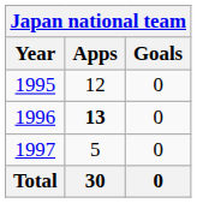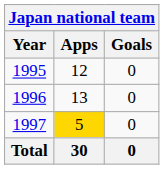 <table class="wikitable" style="text-align:center">
 <tr>
 <th colspan=3><a href='#'>Japan national team</a></th>
 </tr>
 <tr>
 <th>Year</th>
 <th>Apps</th>
 <th>Goals</th>
 </tr>
 <tr>
 <td><a href='#'>1995</a></td>
 <td>12</td>
 <td>0</td>
 </tr>
 <tr>
 <td><a href='#'>1996</a></td>
-<td><strong>13</strong></td>
+<td>13</td>
 <td>0</td>
 </tr>
 <tr>
 <td><a href='#'>1997</a></td>
-<td>5</td>
+<td style="background: gold;">5</td>
 <td>0</td>
 </tr>
 <tr>
 <th>Total</th>
 <th>30</th>
 <th>0</th>
 </tr>
 </table>
